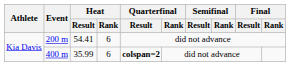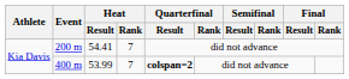 <table class=wikitable style="font-size:90%">
 <tr>
 <th rowspan="2">Athlete</th>
 <th rowspan="2">Event</th>
 <th colspan="2">Heat</th>
 <th colspan="2">Quarterfinal</th>
 <th colspan="2">Semifinal</th>
 <th colspan="2">Final</th>
 </tr>
 <tr style="font-size:95%">
 <th>Result</th>
 <th>Rank</th>
 <th>Result</th>
 <th>Rank</th>
 <th>Result</th>
 <th>Rank</th>
 <th>Result</th>
 <th>Rank</th>
 </tr>
 <tr align=center>
 <td align=left rowspan="2"><a href='#'>Kia Davis</a></td>
 <td align=left><a href='#'>200 m</a></td>
 <td>54.41</td>
-<td>6</td>
+<td>7</td>
 <td colspan=6>did not advance</td>
 </tr>
 <tr align=center>
 <td align=left><a href='#'>400 m</a></td>
-<td>35.99</td>
-<td>6</td>
+<td>53.99</td>
+<td>7</td>
 <td><strong>colspan=2 </strong></td>
 <td colspan=4>did not advance</td>
 </tr>
 </table>
